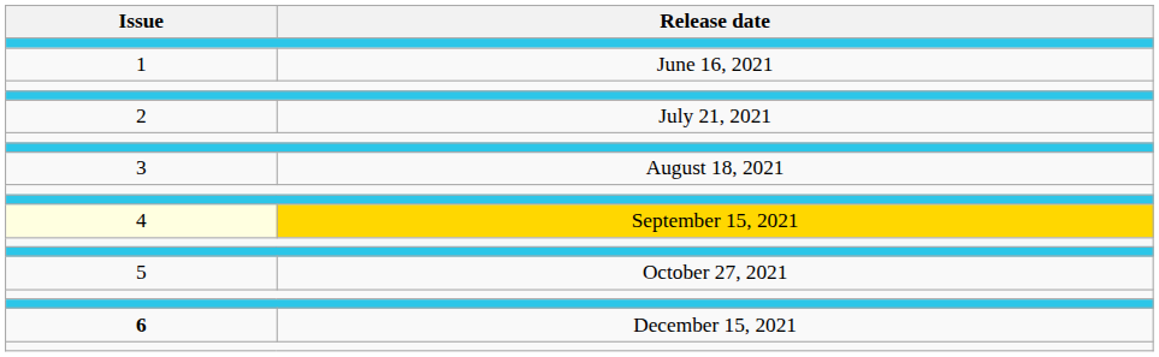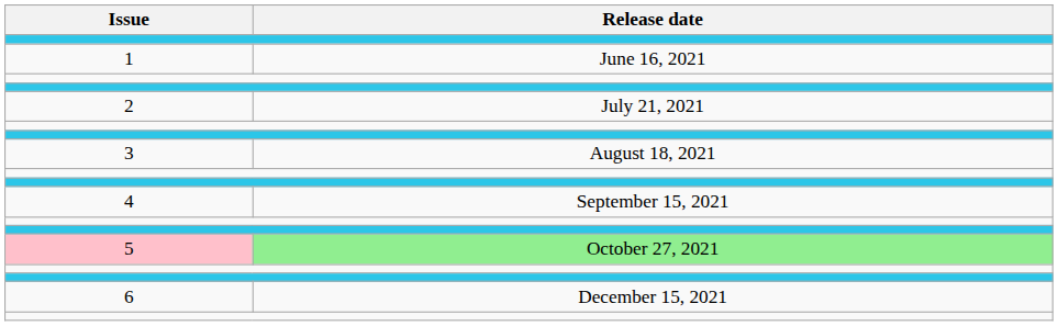 <table class="wikitable" style="width:100%;">
 <tr>
 <th>Issue</th>
 <th>Release date</th>
 </tr>
 <tr>
 <td colspan="6" style="background:#2CC6E8;"></td>
 </tr>
 <tr style="text-align:center;">
 <td>1</td>
 <td style="text-align:center;">June 16, 2021</td>
 </tr>
 <tr>
 <td colspan="6"></td>
 </tr>
 <tr>
 <td colspan="6" style="background:#2CC6E8;"></td>
 </tr>
 <tr style="text-align:center;">
 <td>2</td>
 <td style="text-align:center;">July 21, 2021</td>
 </tr>
 <tr>
 <td colspan="6"></td>
 </tr>
 <tr>
 <td colspan="6" style="background:#2CC6E8;"></td>
 </tr>
 <tr style="text-align:center;">
 <td>3</td>
 <td style="text-align:center;">August 18, 2021</td>
 </tr>
 <tr>
 <td colspan="6"></td>
 </tr>
 <tr>
 <td colspan="6" style="background:#2CC6E8;"></td>
 </tr>
 <tr style="text-align:center;">
-<td style="background: lightyellow;">4</td>
-<td style="background: gold; text-align:center;">September 15, 2021</td>
+<td>4</td>
+<td style="text-align:center;">September 15, 2021</td>
 </tr>
 <tr>
 <td colspan="6"></td>
 </tr>
 <tr>
 <td colspan="6" style="background:#2CC6E8;"></td>
 </tr>
 <tr style="text-align:center;">
-<td>5</td>
-<td style="text-align:center;">October 27, 2021</td>
+<td style="background: pink;">5</td>
+<td style="background: lightgreen; text-align:center;">October 27, 2021</td>
 </tr>
 <tr>
 <td colspan="6"></td>
 </tr>
 <tr>
 <td colspan="6" style="background:#2CC6E8;"></td>
 </tr>
 <tr style="text-align:center;">
-<td><strong>6</strong></td>
+<td>6</td>
 <td style="text-align:center;">December 15, 2021</td>
 </tr>
 <tr>
 <td colspan="6"></td>
 </tr>
 </table>
